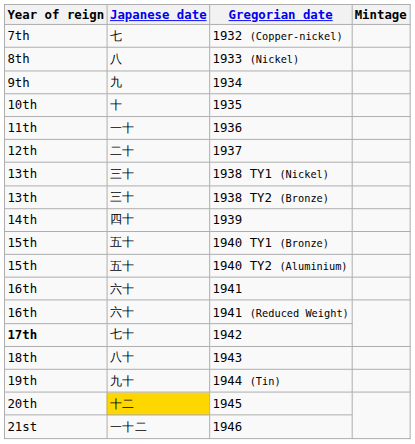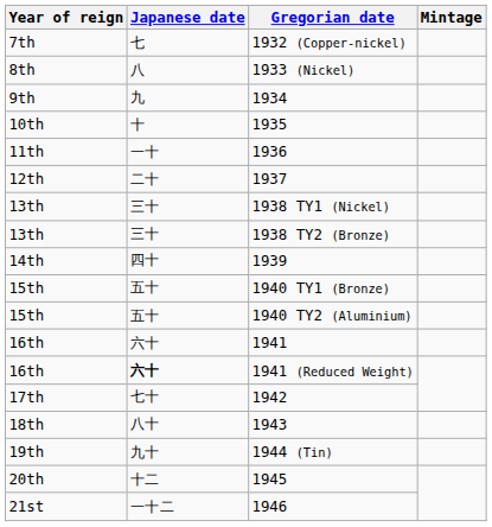 <table class="wikitable sortable">
 <tr>
 <th>Year of reign</th>
 <th class="unsortable"><a href='#'>Japanese date</a></th>
 <th><a href='#'>Gregorian date</a></th>
 <th>Mintage</th>
 </tr>
 <tr>
 <td>7th</td>
 <td>七</td>
 <td>1932 <small>(Copper-nickel)</small></td>
 <td></td>
 </tr>
 <tr>
 <td>8th</td>
 <td>八</td>
 <td>1933 <small>(Nickel)</small></td>
 <td></td>
 </tr>
 <tr>
 <td>9th</td>
 <td>九</td>
 <td>1934</td>
 <td></td>
 </tr>
 <tr>
 <td>10th</td>
 <td>十</td>
 <td>1935</td>
 <td></td>
 </tr>
 <tr>
 <td>11th</td>
 <td>一十</td>
 <td>1936</td>
 <td></td>
 </tr>
 <tr>
 <td>12th</td>
 <td>二十</td>
 <td>1937</td>
 <td></td>
 </tr>
 <tr>
 <td>13th</td>
 <td>三十</td>
 <td>1938 TY1 <small>(Nickel)</small></td>
 <td></td>
 </tr>
 <tr>
 <td>13th</td>
 <td>三十</td>
 <td>1938 TY2 <small>(Bronze)</small></td>
 <td></td>
 </tr>
 <tr>
 <td>14th</td>
 <td>四十</td>
 <td>1939</td>
 <td></td>
 </tr>
 <tr>
 <td>15th</td>
 <td>五十</td>
 <td>1940 TY1 <small>(Bronze)</small></td>
 <td></td>
 </tr>
 <tr>
 <td>15th</td>
 <td>五十</td>
 <td>1940 TY2 <small>(Aluminium)</small></td>
 <td></td>
 </tr>
 <tr>
 <td>16th</td>
 <td>六十</td>
 <td>1941</td>
 <td></td>
 </tr>
 <tr>
 <td>16th</td>
-<td>六十</td>
+<td><strong>六十</strong></td>
 <td>1941 <small>(Reduced Weight)</small></td>
 <td rowspan="2"></td>
 </tr>
 <tr>
-<td><strong>17th</strong></td>
+<td>17th</td>
 <td>七十</td>
 <td>1942</td>
 </tr>
 <tr>
 <td>18th</td>
 <td>八十</td>
 <td>1943</td>
 <td></td>
 </tr>
 <tr>
 <td>19th</td>
 <td>九十</td>
 <td>1944 <small>(Tin)</small></td>
 <td></td>
 </tr>
 <tr>
 <td>20th</td>
-<td style="background: gold;">十二</td>
+<td>十二</td>
 <td>1945</td>
 <td rowspan="2"></td>
 </tr>
 <tr>
 <td>21st</td>
 <td>一十二</td>
 <td>1946</td>
 </tr>
 </table>
